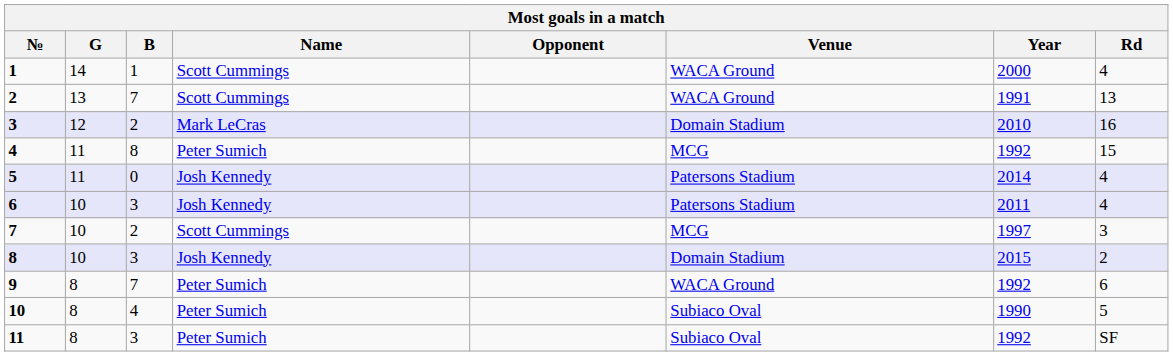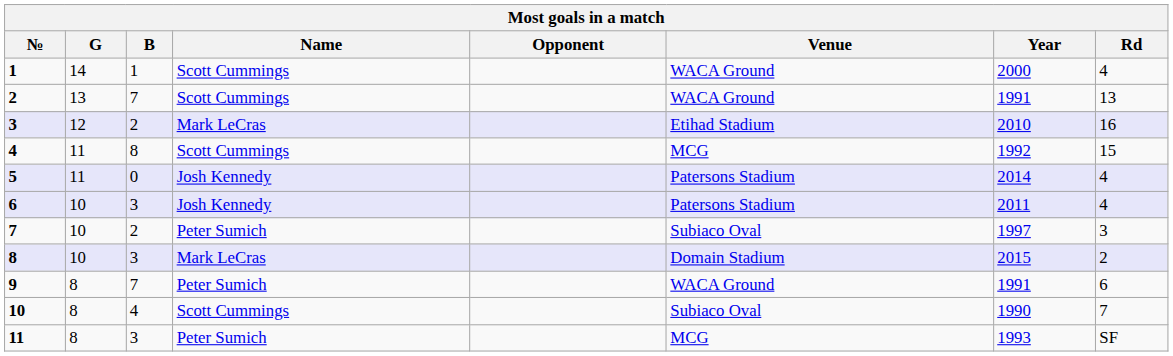 <table class="wikitable" style="width:70%;">
 <tr>
 <th colspan="8">Most goals in a match</th>
 </tr>
 <tr>
 <th>№</th>
 <th>G</th>
 <th>B</th>
 <th>Name</th>
 <th>Opponent</th>
 <th>Venue</th>
 <th>Year</th>
 <th>Rd</th>
 </tr>
 <tr>
 <td><strong>1</strong></td>
 <td>14</td>
 <td>1</td>
 <td><a href='#'>Scott Cummings</a></td>
 <td></td>
 <td><a href='#'>WACA Ground</a></td>
 <td><a href='#'>2000</a></td>
 <td>4</td>
 </tr>
 <tr>
 <td><strong>2</strong></td>
 <td>13</td>
 <td>7</td>
 <td><a href='#'>Scott Cummings</a></td>
 <td></td>
 <td><a href='#'>WACA Ground</a></td>
 <td><a href='#'>1991</a></td>
 <td>13</td>
 </tr>
 <tr style="background:lavender;">
 <td><strong>3</strong></td>
 <td style="background:lavender;">12</td>
 <td style="background:lavender;">2</td>
 <td style="background:lavender;"><a href='#'>Mark LeCras</a></td>
 <td style="background:lavender;"></td>
-<td style="background:lavender;"><a href='#'>Domain Stadium</a></td>
+<td style="background:lavender;"><a href='#'>Etihad Stadium</a></td>
 <td style="background:lavender;"><a href='#'>2010</a></td>
 <td>16</td>
 </tr>
 <tr>
 <td><strong>4</strong></td>
 <td>11</td>
 <td>8</td>
-<td><a href='#'>Peter Sumich</a></td>
+<td><a href='#'>Scott Cummings</a></td>
 <td></td>
 <td><a href='#'>MCG</a></td>
 <td><a href='#'>1992</a></td>
 <td>15</td>
 </tr>
 <tr style="background:lavender;">
 <td><strong>5</strong></td>
 <td style="background:lavender;">11</td>
 <td style="background:lavender;">0</td>
 <td style="background:lavender;"><a href='#'>Josh Kennedy</a></td>
 <td style="background:lavender;"></td>
 <td style="background:lavender;"><a href='#'>Patersons Stadium</a></td>
 <td style="background:lavender;"><a href='#'>2014</a></td>
 <td>4</td>
 </tr>
 <tr style="background:lavender;">
 <td><strong>6</strong></td>
 <td style="background:lavender;">10</td>
 <td style="background:lavender;">3</td>
 <td style="background:lavender;"><a href='#'>Josh Kennedy</a></td>
 <td style="background:lavender;"></td>
 <td style="background:lavender;"><a href='#'>Patersons Stadium</a></td>
 <td style="background:lavender;"><a href='#'>2011</a></td>
 <td>4</td>
 </tr>
 <tr>
 <td><strong>7</strong></td>
 <td>10</td>
 <td>2</td>
-<td><a href='#'>Scott Cummings</a></td>
+<td><a href='#'>Peter Sumich</a></td>
 <td></td>
-<td><a href='#'>MCG</a></td>
+<td><a href='#'>Subiaco Oval</a></td>
 <td><a href='#'>1997</a></td>
 <td>3</td>
 </tr>
 <tr style="background:lavender;">
 <td><strong>8</strong></td>
 <td style="background:lavender;">10</td>
 <td style="background:lavender;">3</td>
-<td style="background:lavender;"><a href='#'>Josh Kennedy</a></td>
+<td style="background:lavender;"><a href='#'>Mark LeCras</a></td>
 <td style="background:lavender;"></td>
 <td style="background:lavender;"><a href='#'>Domain Stadium</a></td>
 <td style="background:lavender;"><a href='#'>2015</a></td>
 <td>2</td>
 </tr>
 <tr>
 <td><strong>9</strong></td>
 <td>8</td>
 <td>7</td>
 <td><a href='#'>Peter Sumich</a></td>
 <td></td>
 <td><a href='#'>WACA Ground</a></td>
-<td><a href='#'>1992</a></td>
+<td><a href='#'>1991</a></td>
 <td>6</td>
 </tr>
 <tr>
 <td><strong>10</strong></td>
 <td>8</td>
 <td>4</td>
-<td><a href='#'>Peter Sumich</a></td>
+<td><a href='#'>Scott Cummings</a></td>
 <td></td>
 <td><a href='#'>Subiaco Oval</a></td>
 <td><a href='#'>1990</a></td>
-<td>5</td>
+<td>7</td>
 </tr>
 <tr>
 <td><strong>11</strong></td>
 <td>8</td>
 <td>3</td>
 <td><a href='#'>Peter Sumich</a></td>
 <td></td>
-<td><a href='#'>Subiaco Oval</a></td>
-<td><a href='#'>1992</a></td>
+<td><a href='#'>MCG</a></td>
+<td><a href='#'>1993</a></td>
 <td>SF</td>
 </tr>
 </table>
